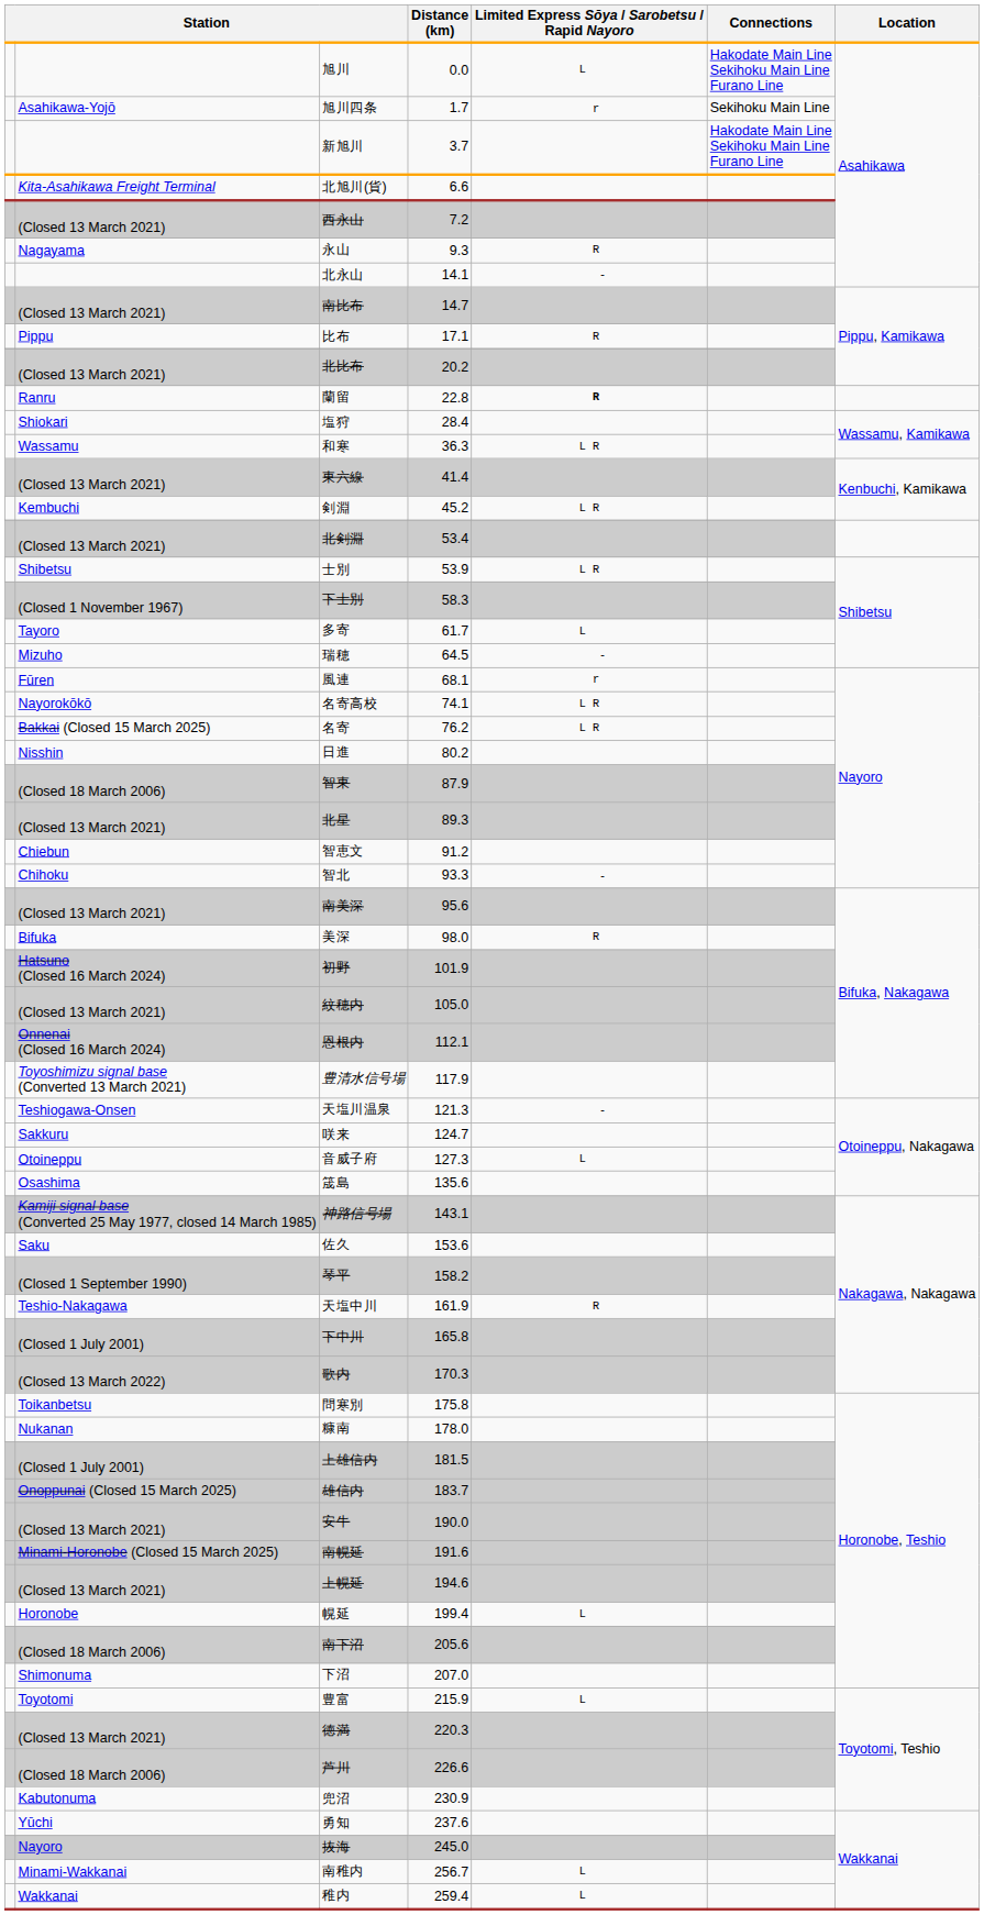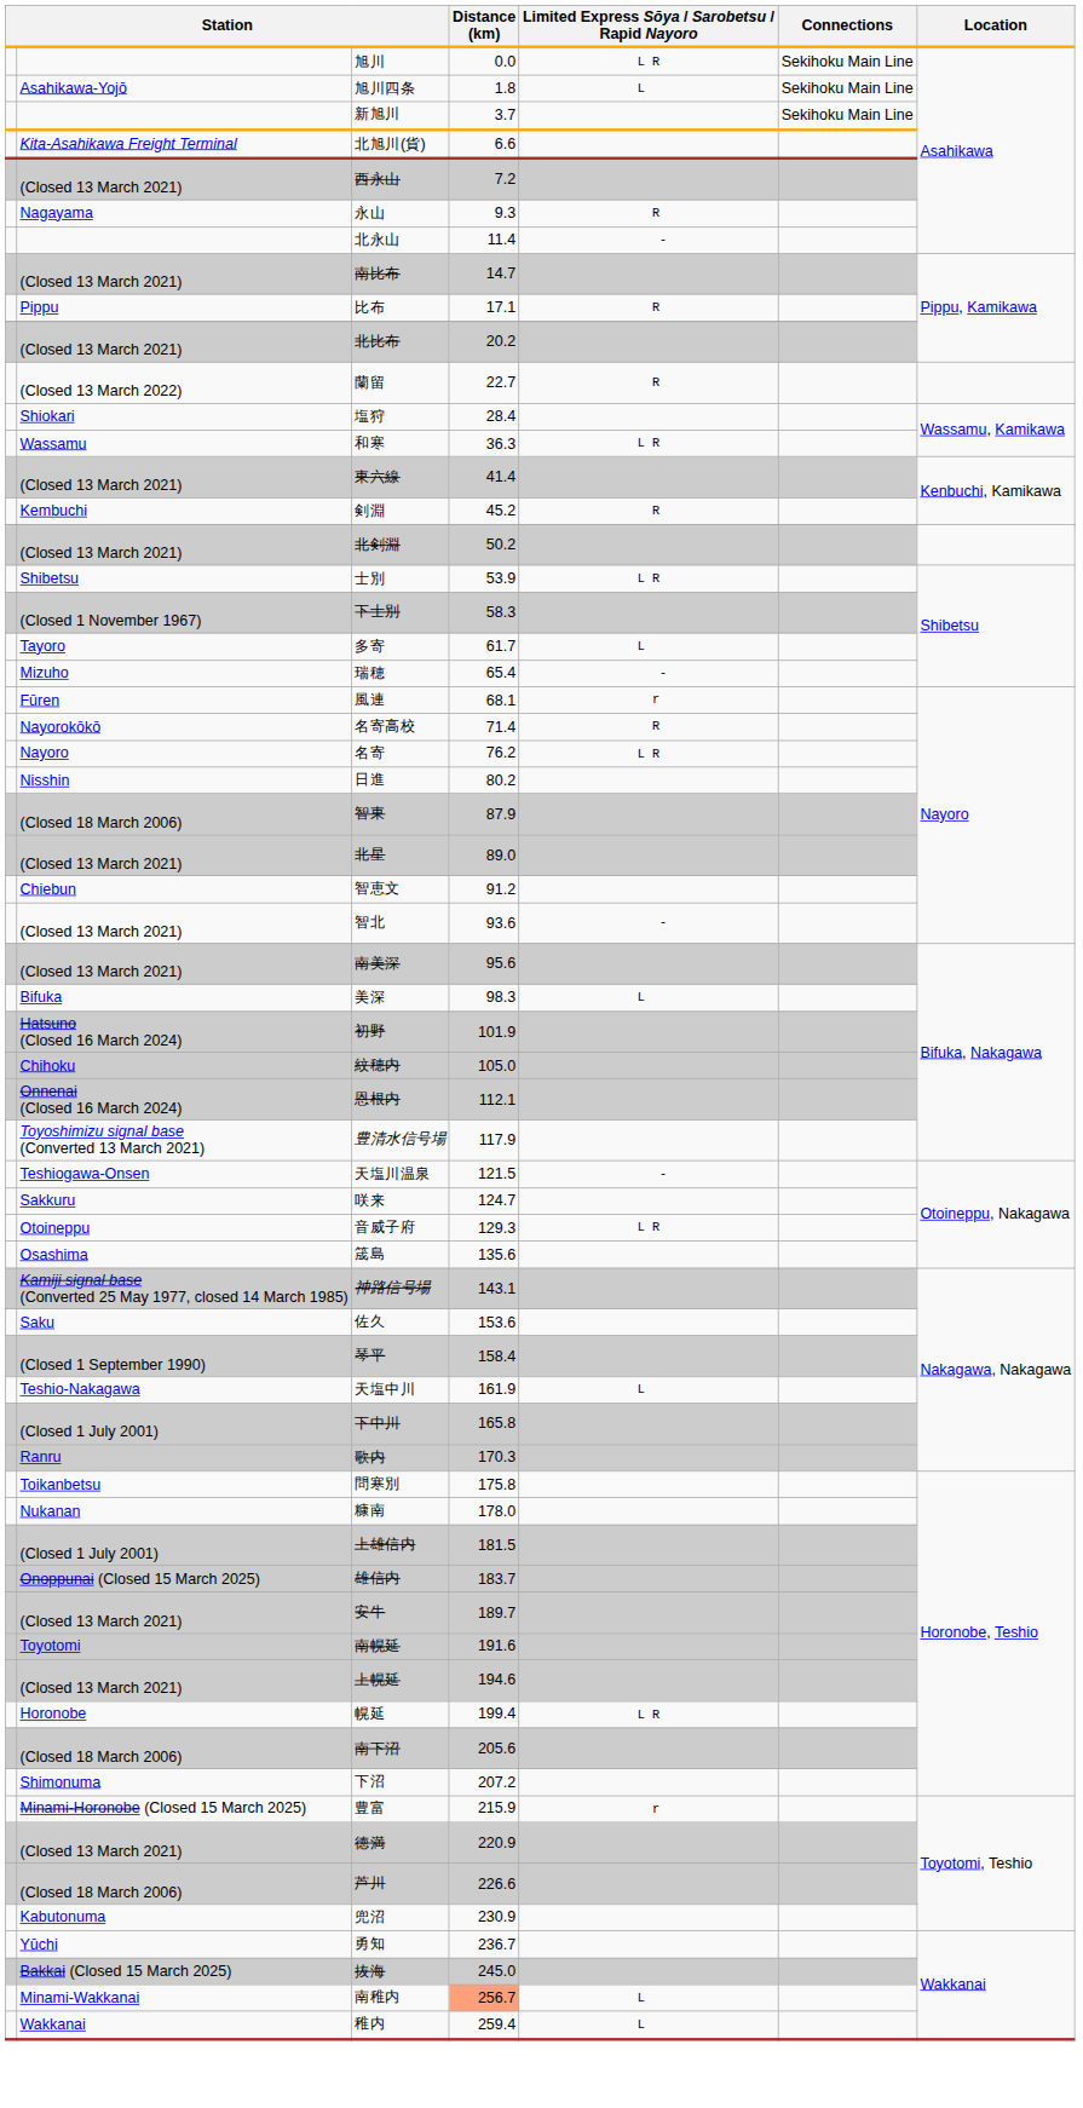 <table class="wikitable">
 <tr>
 <th colspan="3">Station</th>
 <th>Distance<br>(km)</th>
 <th>Limited Express <em>Sōya</em> / <em>Sarobetsu</em> /<br>Rapid <em>Nayoro</em></th>
 <th>Connections</th>
 <th>Location</th>
 </tr>
 <tr style="border-top:orange solid 3px;">
 <td></td>
 <td></td>
 <td>旭川</td>
 <td style="text-align:right">0.0</td>
-<td style="text-align:center; font-family:monospace">L  </td>
-<td> <a href='#'>Hakodate Main Line</a><br> <a href='#'>Sekihoku Main Line</a><br> <a href='#'>Furano Line</a></td>
+<td style="text-align:center; font-family:monospace">L R</td>
+<td> Sekihoku Main Line</td>
 <td rowspan="7"><a href='#'>Asahikawa</a></td>
 </tr>
 <tr>
 <td></td>
 <td><a href='#'>Asahikawa-Yojō</a></td>
 <td>旭川四条</td>
-<td style="text-align:right">1.7</td>
-<td style="text-align:center; font-family:monospace">  r</td>
+<td style="text-align:right">1.8</td>
+<td style="text-align:center; font-family:monospace">L  </td>
 <td> Sekihoku Main Line</td>
 </tr>
 <tr>
 <td></td>
 <td></td>
 <td>新旭川</td>
 <td style="text-align:right">3.7</td>
 <td style="text-align:center; font-family:monospace">   </td>
-<td> <a href='#'>Hakodate Main Line</a><br> <a href='#'>Sekihoku Main Line</a><br> <a href='#'>Furano Line</a></td>
+<td> Sekihoku Main Line</td>
 </tr>
 <tr style="border-top:orange solid 3px;">
 <td> </td>
 <td><em><a href='#'>Kita-Asahikawa Freight Terminal</a></em></td>
 <td>北旭川(貨)</td>
 <td style="text-align:right">6.6</td>
 <td style="text-align:center; font-family:monospace">   </td>
 </tr>
 <tr style="border-top:brown solid 3px;background-color:#CCC;"|>
 <td></td>
 <td><s> </s> <br>(Closed 13 March 2021)</td>
 <td><s>西永山</s></td>
 <td style="text-align:right">7.2</td>
 <td></td>
 <td></td>
 </tr>
 <tr>
 <td></td>
 <td><a href='#'>Nagayama</a></td>
 <td>永山</td>
 <td style="text-align:right">9.3</td>
 <td style="text-align:center; font-family:monospace">  R</td>
 <td></td>
 </tr>
 <tr>
 <td></td>
 <td></td>
 <td>北永山</td>
-<td style="text-align:right">14.1</td>
+<td style="text-align:right">11.4</td>
 <td style="text-align:center; font-family:monospace">    -</td>
 </tr>
 <tr>
 <td style="background-color:#CCC;"></td>
 <td style="background-color:#CCC;"><s></s><br>(Closed 13 March 2021)</td>
 <td style="background-color:#CCC;"><s>南比布</s></td>
 <td style="background-color:#CCC;text-align:right">14.7</td>
 <td style="background-color:#CCC;"></td>
 <td style="background-color:#CCC;"></td>
 <td rowspan="4"><a href='#'>Pippu</a>, <a href='#'>Kamikawa</a></td>
 </tr>
 <tr>
 <td></td>
 <td><a href='#'>Pippu</a></td>
 <td>比布</td>
 <td style="text-align:right">17.1</td>
 <td style="text-align:center; font-family:monospace">  R</td>
 <td></td>
 </tr>
 <tr>
 </tr>
 <tr style="background-color:#CCC;"|>
 <td></td>
 <td><s> </s> <br> (Closed 13 March 2021)</td>
 <td><s>北比布</s></td>
 <td style="text-align:right">20.2</td>
 <td style="text-align:center; font-family:monospace"> </td>
 <td></td>
 </tr>
 <tr>
 <td></td>
-<td><a href='#'>Ranru</a></td>
+<td><s> </s> <br>(Closed 13 March 2022)</td>
 <td>蘭留</td>
-<td style="text-align:right">22.8</td>
-<td style="text-align:center; font-family:monospace"><strong>  R</strong></td>
+<td style="text-align:right">22.7</td>
+<td style="text-align:center; font-family:monospace">  R</td>
 <td></td>
 </tr>
 <tr>
 <td></td>
 <td><a href='#'>Shiokari</a></td>
 <td>塩狩</td>
 <td style="text-align:right">28.4</td>
 <td style="text-align:center; font-family:monospace">   </td>
 <td></td>
 <td rowspan="2"><a href='#'>Wassamu</a>, <a href='#'>Kamikawa</a></td>
 </tr>
 <tr>
 <td></td>
 <td><a href='#'>Wassamu</a></td>
 <td>和寒</td>
 <td style="text-align:right">36.3</td>
 <td style="text-align:center; font-family:monospace">L R</td>
 <td></td>
 </tr>
 <tr>
 <td style="background-color:#CCC;"></td>
 <td style="background-color:#CCC;"><s></s><br>(Closed 13 March 2021)</td>
 <td style="background-color:#CCC;"><s>東六線</s></td>
 <td style="background-color:#CCC;text-align:right">41.4</td>
 <td style="background-color:#CCC;"></td>
 <td style="background-color:#CCC;"></td>
 <td rowspan="3"><a href='#'>Kenbuchi</a>, Kamikawa</td>
 </tr>
 <tr>
 <td></td>
 <td><a href='#'>Kembuchi</a></td>
 <td>剣淵</td>
 <td style="text-align:right">45.2</td>
-<td style="text-align:center; font-family:monospace">L R</td>
+<td style="text-align:center; font-family:monospace">  R</td>
 <td></td>
 </tr>
 <tr>
 </tr>
 <tr style="background-color:#CCC;"|>
 <td></td>
 <td><s> </s> <br>(Closed 13 March 2021)</td>
 <td><s>北剣淵</s></td>
-<td style="text-align:right">53.4</td>
+<td style="text-align:right">50.2</td>
 <td></td>
 <td></td>
 </tr>
 <tr>
 <td></td>
 <td><a href='#'>Shibetsu</a></td>
 <td>士別</td>
 <td style="text-align:right">53.9</td>
 <td style="text-align:center; font-family:monospace">L R</td>
 <td></td>
 <td rowspan="4"><a href='#'>Shibetsu</a></td>
 </tr>
 <tr style="background-color:#CCC;"|>
 <td></td>
 <td><s> </s> <br> (Closed 1 November 1967)</td>
 <td><s>下士別</s></td>
 <td style="text-align:right">58.3</td>
 <td></td>
 <td></td>
 </tr>
 <tr>
 <td></td>
 <td><a href='#'>Tayoro</a></td>
 <td>多寄</td>
 <td style="text-align:right">61.7</td>
 <td style="text-align:center; font-family:monospace">L  </td>
 <td></td>
 </tr>
 <tr>
 <td></td>
 <td><a href='#'>Mizuho</a></td>
 <td>瑞穂</td>
-<td style="text-align:right">64.5</td>
+<td style="text-align:right">65.4</td>
 <td style="text-align:center; font-family:monospace">    -</td>
 <td></td>
 </tr>
 <tr>
 <td></td>
 <td><a href='#'>Fūren</a></td>
 <td>風連</td>
 <td style="text-align:right">68.1</td>
 <td style="text-align:center; font-family:monospace">  r</td>
 <td></td>
 <td rowspan="8"><a href='#'>Nayoro</a></td>
 </tr>
 <tr>
 <td></td>
 <td><a href='#'>Nayorokōkō</a></td>
 <td>名寄高校</td>
-<td style="text-align:right">74.1</td>
-<td style="text-align:center; font-family:monospace">L R</td>
+<td style="text-align:right">71.4</td>
+<td style="text-align:center; font-family:monospace">  R</td>
 <td></td>
 </tr>
 <tr>
 <td></td>
-<td><s><a href='#'>Bakkai</a></s> (Closed 15 March 2025)</td>
+<td><a href='#'>Nayoro</a></td>
 <td>名寄</td>
 <td style="text-align:right">76.2</td>
 <td style="text-align:center; font-family:monospace">L R</td>
 <td></td>
 </tr>
 <tr>
 <td></td>
 <td><a href='#'>Nisshin</a></td>
 <td>日進</td>
 <td style="text-align:right">80.2</td>
 <td style="text-align:center; font-family:monospace">   </td>
 <td></td>
 </tr>
 <tr style="background-color:#CCC;"|>
 <td></td>
 <td><s> </s> <br>(Closed 18 March 2006)</td>
 <td><s>智東</s></td>
 <td style="text-align:right">87.9</td>
 <td></td>
 <td></td>
 </tr>
 <tr style="background-color:#CCC;"|>
 <td></td>
 <td><s> </s> <br>(Closed 13 March 2021)</td>
 <td><s>北星</s></td>
-<td style="text-align:right">89.3</td>
+<td style="text-align:right">89.0</td>
 <td></td>
 <td></td>
 </tr>
 <tr>
 <td></td>
 <td><a href='#'>Chiebun</a></td>
 <td>智恵文</td>
 <td style="text-align:right">91.2</td>
 <td style="text-align:center; font-family:monospace">   </td>
 </tr>
 <tr>
 <td></td>
-<td><a href='#'>Chihoku</a></td>
+<td><s> </s> <br>(Closed 13 March 2021)</td>
 <td>智北</td>
-<td style="text-align:right">93.3</td>
+<td style="text-align:right">93.6</td>
 <td style="text-align:center; font-family:monospace">    -</td>
 <td></td>
 </tr>
 <tr>
 <td style="background-color:#CCC;"></td>
 <td style="background-color:#CCC;"><s></s><br>(Closed 13 March 2021)</td>
 <td style="background-color:#CCC;"><s>南美深</s></td>
 <td style="background-color:#CCC;text-align:right">95.6</td>
 <td style="background-color:#CCC;"></td>
 <td style="background-color:#CCC;"></td>
 <td rowspan="6"><a href='#'>Bifuka</a>, <a href='#'>Nakagawa</a></td>
 </tr>
 <tr>
 <td></td>
 <td><a href='#'>Bifuka</a></td>
 <td>美深</td>
-<td style="text-align:right">98.0</td>
-<td style="text-align:center; font-family:monospace">  R</td>
+<td style="text-align:right">98.3</td>
+<td style="text-align:center; font-family:monospace">L  </td>
 <td></td>
 </tr>
 <tr style="background-color:#CCC;"|>
 <td></td>
 <td><s><a href='#'>Hatsuno</a></s> <br>(Closed 16 March 2024)</td>
 <td><s>初野</s></td>
 <td style="text-align:right">101.9</td>
 <td style="text-align:center; font-family:monospace">   </td>
 <td></td>
 </tr>
 <tr style="background-color:#CCC;"|>
 <td></td>
-<td><s> </s> <br>(Closed 13 March 2021)</td>
+<td><a href='#'>Chihoku</a></td>
 <td><s>紋穂内</s></td>
 <td style="text-align:right">105.0</td>
 <td></td>
 <td></td>
 </tr>
 <tr style="background-color:#CCC;"|>
 <td></td>
 <td><s><a href='#'>Onnenai</a></s> <br>(Closed 16 March 2024)</td>
 <td><s>恩根内</s></td>
 <td style="text-align:right">112.1</td>
 <td style="text-align:center; font-family:monospace">   </td>
 <td></td>
 </tr>
 <tr |>
 <td></td>
 <td><em><a href='#'>Toyoshimizu signal base</a></em> <br>(Converted 13 March 2021)</td>
 <td><em>豊清水信号場</em></td>
 <td style="text-align:right">117.9</td>
 <td></td>
 <td></td>
 </tr>
 <tr>
 <td></td>
 <td><a href='#'>Teshiogawa-Onsen</a></td>
 <td>天塩川温泉</td>
-<td style="text-align:right">121.3</td>
+<td style="text-align:right">121.5</td>
 <td style="text-align:center; font-family:monospace">    -</td>
 <td></td>
 <td rowspan="4"><a href='#'>Otoineppu</a>, Nakagawa</td>
 </tr>
 <tr>
 <td></td>
 <td><a href='#'>Sakkuru</a></td>
 <td>咲来</td>
 <td style="text-align:right">124.7</td>
 <td style="text-align:center; font-family:monospace">   </td>
 <td></td>
 </tr>
 <tr>
 <td></td>
 <td><a href='#'>Otoineppu</a></td>
 <td>音威子府</td>
-<td style="text-align:right">127.3</td>
-<td style="text-align:center; font-family:monospace">L  </td>
+<td style="text-align:right">129.3</td>
+<td style="text-align:center; font-family:monospace">L R</td>
 <td></td>
 </tr>
 <tr>
 <td></td>
 <td><a href='#'>Osashima</a></td>
 <td>筬島</td>
 <td style="text-align:right">135.6</td>
 <td style="text-align:center; font-family:monospace">   </td>
 <td></td>
 </tr>
 <tr>
 <td style="background-color:#CCC;"></td>
 <td style="background-color:#CCC;"><s><em><a href='#'>Kamiji signal base</a></em></s><br>(Converted 25 May 1977, closed 14 March 1985)</td>
 <td style="background-color:#CCC;"><s><em>神路信号場</em></s></td>
 <td style="background-color:#CCC;text-align:right">143.1</td>
 <td style="background-color:#CCC;"></td>
 <td style="background-color:#CCC;"></td>
 <td rowspan="6"><a href='#'>Nakagawa</a>, Nakagawa</td>
 </tr>
 <tr>
 <td></td>
 <td><a href='#'>Saku</a></td>
 <td>佐久</td>
 <td style="text-align:right">153.6</td>
 <td style="text-align:center; font-family:monospace">   </td>
 <td></td>
 </tr>
 <tr style="background-color:#CCC;"|>
 <td></td>
 <td><s> </s> <br>(Closed 1 September 1990)</td>
 <td><s>琴平</s></td>
-<td style="text-align:right">158.2</td>
+<td style="text-align:right">158.4</td>
 <td></td>
 <td></td>
 </tr>
 <tr>
 <td></td>
 <td><a href='#'>Teshio-Nakagawa</a></td>
 <td>天塩中川</td>
 <td style="text-align:right">161.9</td>
-<td style="text-align:center; font-family:monospace">  R</td>
+<td style="text-align:center; font-family:monospace">L  </td>
 <td></td>
 </tr>
 <tr style="background-color:#CCC;"|>
 <td></td>
 <td><s> </s> <br>(Closed 1 July 2001)</td>
 <td><s>下中川</s></td>
 <td style="text-align:right">165.8</td>
 <td></td>
 <td></td>
 </tr>
 <tr style="background-color:#CCC;"|>
 <td></td>
-<td><s> </s> <br>(Closed 13 March 2022)</td>
+<td><a href='#'>Ranru</a></td>
 <td><s>歌内</s></td>
 <td style="text-align:right">170.3</td>
 <td></td>
 <td></td>
 </tr>
 <tr>
 <td></td>
 <td><a href='#'>Toikanbetsu</a></td>
 <td>問寒別</td>
 <td style="text-align:right">175.8</td>
 <td style="text-align:center; font-family:monospace">   </td>
 <td></td>
 <td rowspan="10"><a href='#'>Horonobe</a>, <a href='#'>Teshio</a></td>
 </tr>
 <tr>
 <td></td>
 <td><a href='#'>Nukanan</a></td>
 <td>糠南</td>
 <td style="text-align:right">178.0</td>
 <td style="text-align:center; font-family:monospace">   </td>
 <td></td>
 </tr>
 <tr style="background-color:#CCC;"|>
 <td></td>
 <td><s> </s> <br>(Closed 1 July 2001)</td>
 <td><s>上雄信内</s></td>
 <td style="text-align:right">181.5</td>
 <td></td>
 <td></td>
 </tr>
 <tr style="background-color:#CCC;"|>
 <td></td>
 <td><s><a href='#'>Onoppunai</a></s> (Closed 15 March 2025)</td>
 <td><s>雄信内</s></td>
 <td style="text-align:right">183.7</td>
 <td style="text-align:center; font-family:monospace">   </td>
 <td></td>
 </tr>
 <tr style="background-color:#CCC;"|>
 <td></td>
 <td><s> </s> <br>(Closed 13 March 2021)</td>
 <td><s>安牛</s></td>
-<td style="text-align:right">190.0</td>
+<td style="text-align:right">189.7</td>
 <td></td>
 <td></td>
 </tr>
 <tr style="background-color:#CCC;"|>
 <td></td>
-<td><s><a href='#'>Minami-Horonobe</a></s> (Closed 15 March 2025)</td>
+<td><a href='#'>Toyotomi</a></td>
 <td><s>南幌延</s></td>
 <td style="text-align:right">191.6</td>
 <td style="text-align:center; font-family:monospace">   </td>
 <td></td>
 </tr>
 <tr style="background-color:#CCC;"|>
 <td></td>
 <td><s> </s> <br>(Closed 13 March 2021)</td>
 <td><s>上幌延</s></td>
 <td style="text-align:right">194.6</td>
 <td></td>
 <td></td>
 </tr>
 <tr>
 <td></td>
 <td><a href='#'>Horonobe</a></td>
 <td>幌延</td>
 <td style="text-align:right">199.4</td>
-<td style="text-align:center; font-family:monospace">L  </td>
+<td style="text-align:center; font-family:monospace">L R</td>
 <td></td>
 </tr>
 <tr style="background-color:#CCC;"|>
 <td></td>
 <td><s> </s> <br>(Closed 18 March 2006)</td>
 <td><s>南下沼</s></td>
 <td style="text-align:right">205.6</td>
 <td></td>
 <td></td>
 </tr>
 <tr>
 <td></td>
 <td><a href='#'>Shimonuma</a></td>
 <td>下沼</td>
-<td style="text-align:right">207.0</td>
+<td style="text-align:right">207.2</td>
 <td style="text-align:center; font-family:monospace">   </td>
 <td></td>
 </tr>
 <tr>
 <td></td>
-<td><a href='#'>Toyotomi</a></td>
+<td><s><a href='#'>Minami-Horonobe</a></s> (Closed 15 March 2025)</td>
 <td>豊富</td>
 <td style="text-align:right">215.9</td>
-<td style="text-align:center; font-family:monospace">L  </td>
+<td style="text-align:center; font-family:monospace">  r</td>
 <td></td>
 <td rowspan="4"><a href='#'>Toyotomi</a>, Teshio</td>
 </tr>
 <tr style="background-color:#CCC;"|>
 <td></td>
 <td><s> </s> <br>(Closed 13 March 2021)</td>
 <td><s>徳満</s></td>
-<td style="text-align:right">220.3</td>
+<td style="text-align:right">220.9</td>
 <td></td>
 <td></td>
 </tr>
 <tr style="background-color:#CCC;"|>
 <td></td>
 <td><s></s> <br>(Closed 18 March 2006)</td>
 <td><s>芦川</s></td>
 <td style="text-align:right">226.6</td>
 <td></td>
 <td></td>
 </tr>
 <tr>
 <td></td>
 <td><a href='#'>Kabutonuma</a></td>
 <td>兜沼</td>
 <td style="text-align:right">230.9</td>
 <td style="text-align:center; font-family:monospace">   </td>
 <td></td>
 </tr>
 <tr>
 <td></td>
 <td><a href='#'>Yūchi</a></td>
 <td>勇知</td>
-<td style="text-align:right">237.6</td>
+<td style="text-align:right">236.7</td>
 <td style="text-align:center; font-family:monospace">   </td>
 <td></td>
 <td rowspan="4"><a href='#'>Wakkanai</a></td>
 </tr>
 <tr style="background-color:#CCC;"|>
 <td></td>
-<td><a href='#'>Nayoro</a></td>
+<td><s><a href='#'>Bakkai</a></s> (Closed 15 March 2025)</td>
 <td><s>抜海</s></td>
 <td style="text-align:right">245.0</td>
 <td style="text-align:center; font-family:monospace">   </td>
 <td></td>
 </tr>
 <tr>
 <td></td>
 <td><a href='#'>Minami-Wakkanai</a></td>
 <td>南稚内</td>
-<td style="text-align:right">256.7</td>
+<td style="background: lightsalmon; text-align:right">256.7</td>
 <td style="text-align:center; font-family:monospace">L  </td>
 <td></td>
 </tr>
 <tr style="border-bottom:brown solid 3px;">
 <td></td>
 <td><a href='#'>Wakkanai</a></td>
 <td>稚内</td>
 <td style="text-align:right">259.4</td>
 <td style="text-align:center; font-family:monospace">L  </td>
 <td></td>
 </tr>
 </table>
